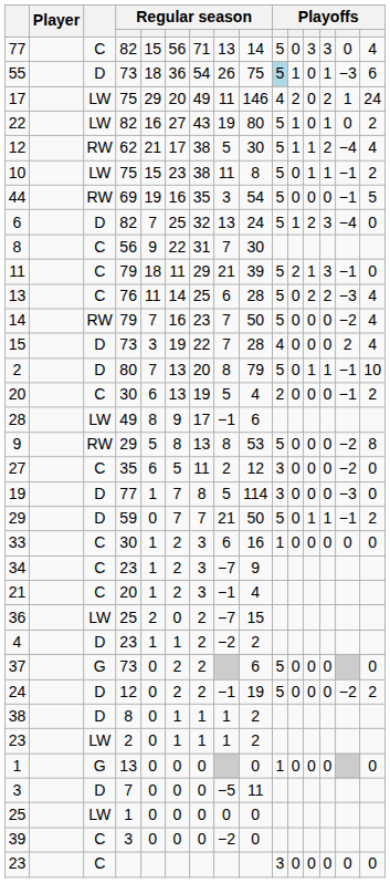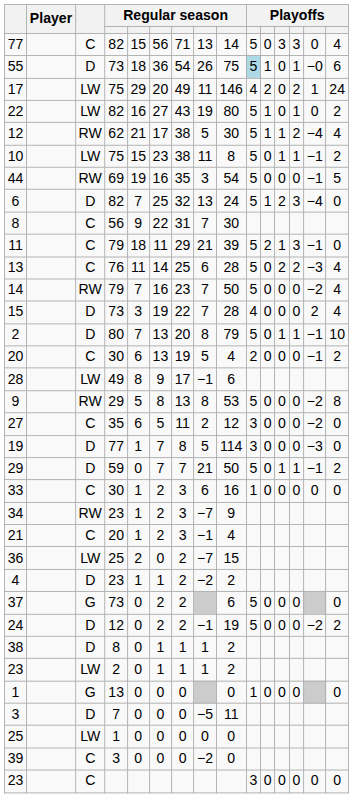 <table class="wikitable sortable plainrowheaders" style="text-align:center;">
 <tr>
 <th scope="col" data-sort-type="number" rowspan="2"></th>
 <th scope="col" rowspan="2">Player</th>
 <th scope="col" rowspan="2"></th>
 <th scope=colgroup colspan=6>Regular season</th>
 <th scope=colgroup colspan=6>Playoffs</th>
 </tr>
 <tr>
 <th scope="col" data-sort-type="number"></th>
 <th scope="col" data-sort-type="number"></th>
 <th scope="col" data-sort-type="number"></th>
 <th scope="col" data-sort-type="number"></th>
 <th scope="col" data-sort-type="number"></th>
 <th scope="col" data-sort-type="number"></th>
 <th scope="col" data-sort-type="number"></th>
 <th scope="col" data-sort-type="number"></th>
 <th scope="col" data-sort-type="number"></th>
 <th scope="col" data-sort-type="number"></th>
 <th scope="col" data-sort-type="number"></th>
 <th scope="col" data-sort-type="number"></th>
 </tr>
 <tr>
 <td scope="row">77</td>
 <td align="left"></td>
 <td>C</td>
 <td>82</td>
 <td>15</td>
 <td>56</td>
 <td>71</td>
 <td>13</td>
 <td>14</td>
 <td>5</td>
 <td>0</td>
 <td>3</td>
 <td>3</td>
 <td>0</td>
 <td>4</td>
 </tr>
 <tr>
 <td scope="row">55</td>
 <td align="left"></td>
 <td>D</td>
 <td>73</td>
 <td>18</td>
 <td>36</td>
 <td>54</td>
 <td>26</td>
 <td>75</td>
 <td style="background: lightblue;">5</td>
 <td>1</td>
 <td>0</td>
 <td>1</td>
-<td>−3</td>
+<td>−0</td>
 <td>6</td>
 </tr>
 <tr>
 <td scope="row">17</td>
 <td align="left"></td>
 <td>LW</td>
 <td>75</td>
 <td>29</td>
 <td>20</td>
 <td>49</td>
 <td>11</td>
 <td>146</td>
 <td>4</td>
 <td>2</td>
 <td>0</td>
 <td>2</td>
 <td>1</td>
 <td>24</td>
 </tr>
 <tr>
 <td scope="row">22</td>
 <td align="left"></td>
 <td>LW</td>
 <td>82</td>
 <td>16</td>
 <td>27</td>
 <td>43</td>
 <td>19</td>
 <td>80</td>
 <td>5</td>
 <td>1</td>
 <td>0</td>
 <td>1</td>
 <td>0</td>
 <td>2</td>
 </tr>
 <tr>
 <td scope="row">12</td>
 <td align="left"></td>
 <td>RW</td>
 <td>62</td>
 <td>21</td>
 <td>17</td>
 <td>38</td>
 <td>5</td>
 <td>30</td>
 <td>5</td>
 <td>1</td>
 <td>1</td>
 <td>2</td>
 <td>−4</td>
 <td>4</td>
 </tr>
 <tr>
 <td scope="row">10</td>
 <td align="left"></td>
 <td>LW</td>
 <td>75</td>
 <td>15</td>
 <td>23</td>
 <td>38</td>
 <td>11</td>
 <td>8</td>
 <td>5</td>
 <td>0</td>
 <td>1</td>
 <td>1</td>
 <td>−1</td>
 <td>2</td>
 </tr>
 <tr>
 <td scope="row">44</td>
 <td align="left"></td>
 <td>RW</td>
 <td>69</td>
 <td>19</td>
 <td>16</td>
 <td>35</td>
 <td>3</td>
 <td>54</td>
 <td>5</td>
 <td>0</td>
 <td>0</td>
 <td>0</td>
 <td>−1</td>
 <td>5</td>
 </tr>
 <tr>
 <td scope="row">6</td>
 <td align="left"></td>
 <td>D</td>
 <td>82</td>
 <td>7</td>
 <td>25</td>
 <td>32</td>
 <td>13</td>
 <td>24</td>
 <td>5</td>
 <td>1</td>
 <td>2</td>
 <td>3</td>
 <td>−4</td>
 <td>0</td>
 </tr>
 <tr>
 <td scope="row">8</td>
 <td align="left"></td>
 <td>C</td>
 <td>56</td>
 <td>9</td>
 <td>22</td>
 <td>31</td>
 <td>7</td>
 <td>30</td>
 <td></td>
 <td></td>
 <td></td>
 <td></td>
 <td></td>
 <td></td>
 </tr>
 <tr>
 <td scope="row">11</td>
 <td align="left"></td>
 <td>C</td>
 <td>79</td>
 <td>18</td>
 <td>11</td>
 <td>29</td>
 <td>21</td>
 <td>39</td>
 <td>5</td>
 <td>2</td>
 <td>1</td>
 <td>3</td>
 <td>−1</td>
 <td>0</td>
 </tr>
 <tr>
 <td scope="row">13</td>
 <td align="left"></td>
 <td>C</td>
 <td>76</td>
 <td>11</td>
 <td>14</td>
 <td>25</td>
 <td>6</td>
 <td>28</td>
 <td>5</td>
 <td>0</td>
 <td>2</td>
 <td>2</td>
 <td>−3</td>
 <td>4</td>
 </tr>
 <tr>
 <td scope="row">14</td>
 <td align="left"></td>
 <td>RW</td>
 <td>79</td>
 <td>7</td>
 <td>16</td>
 <td>23</td>
 <td>7</td>
 <td>50</td>
 <td>5</td>
 <td>0</td>
 <td>0</td>
 <td>0</td>
 <td>−2</td>
 <td>4</td>
 </tr>
 <tr>
 <td scope="row">15</td>
 <td align="left"></td>
 <td>D</td>
 <td>73</td>
 <td>3</td>
 <td>19</td>
 <td>22</td>
 <td>7</td>
 <td>28</td>
 <td>4</td>
 <td>0</td>
 <td>0</td>
 <td>0</td>
 <td>2</td>
 <td>4</td>
 </tr>
 <tr>
 <td scope="row">2</td>
 <td align="left"></td>
 <td>D</td>
 <td>80</td>
 <td>7</td>
 <td>13</td>
 <td>20</td>
 <td>8</td>
 <td>79</td>
 <td>5</td>
 <td>0</td>
 <td>1</td>
 <td>1</td>
 <td>−1</td>
 <td>10</td>
 </tr>
 <tr>
 <td scope="row">20</td>
 <td align="left"></td>
 <td>C</td>
 <td>30</td>
 <td>6</td>
 <td>13</td>
 <td>19</td>
 <td>5</td>
 <td>4</td>
 <td>2</td>
 <td>0</td>
 <td>0</td>
 <td>0</td>
 <td>−1</td>
 <td>2</td>
 </tr>
 <tr>
 <td scope="row">28</td>
 <td align="left"></td>
 <td>LW</td>
 <td>49</td>
 <td>8</td>
 <td>9</td>
 <td>17</td>
 <td>−1</td>
 <td>6</td>
 <td></td>
 <td></td>
 <td></td>
 <td></td>
 <td></td>
 <td></td>
 </tr>
 <tr>
 <td scope="row">9</td>
 <td align="left"></td>
 <td>RW</td>
 <td>29</td>
 <td>5</td>
 <td>8</td>
 <td>13</td>
 <td>8</td>
 <td>53</td>
 <td>5</td>
 <td>0</td>
 <td>0</td>
 <td>0</td>
 <td>−2</td>
 <td>8</td>
 </tr>
 <tr>
 <td scope="row">27</td>
 <td align="left"></td>
 <td>C</td>
 <td>35</td>
 <td>6</td>
 <td>5</td>
 <td>11</td>
 <td>2</td>
 <td>12</td>
 <td>3</td>
 <td>0</td>
 <td>0</td>
 <td>0</td>
 <td>−2</td>
 <td>0</td>
 </tr>
 <tr>
 <td scope="row">19</td>
 <td align="left"></td>
 <td>D</td>
 <td>77</td>
 <td>1</td>
 <td>7</td>
 <td>8</td>
 <td>5</td>
 <td>114</td>
 <td>3</td>
 <td>0</td>
 <td>0</td>
 <td>0</td>
 <td>−3</td>
 <td>0</td>
 </tr>
 <tr>
 <td scope="row">29</td>
 <td align="left"></td>
 <td>D</td>
 <td>59</td>
 <td>0</td>
 <td>7</td>
 <td>7</td>
 <td>21</td>
 <td>50</td>
 <td>5</td>
 <td>0</td>
 <td>1</td>
 <td>1</td>
 <td>−1</td>
 <td>2</td>
 </tr>
 <tr>
 <td scope="row">33</td>
 <td align="left"></td>
 <td>C</td>
 <td>30</td>
 <td>1</td>
 <td>2</td>
 <td>3</td>
 <td>6</td>
 <td>16</td>
 <td>1</td>
 <td>0</td>
 <td>0</td>
 <td>0</td>
 <td>0</td>
 <td>0</td>
 </tr>
 <tr>
 <td scope="row">34</td>
 <td align="left"></td>
-<td>C</td>
+<td>RW</td>
 <td>23</td>
 <td>1</td>
 <td>2</td>
 <td>3</td>
 <td>−7</td>
 <td>9</td>
 <td></td>
 <td></td>
 <td></td>
 <td></td>
 <td></td>
 <td></td>
 </tr>
 <tr>
 <td scope="row">21</td>
 <td align="left"></td>
 <td>C</td>
 <td>20</td>
 <td>1</td>
 <td>2</td>
 <td>3</td>
 <td>−1</td>
 <td>4</td>
 <td></td>
 <td></td>
 <td></td>
 <td></td>
 <td></td>
 <td></td>
 </tr>
 <tr>
 <td scope="row">36</td>
 <td align="left"></td>
 <td>LW</td>
 <td>25</td>
 <td>2</td>
 <td>0</td>
 <td>2</td>
 <td>−7</td>
 <td>15</td>
 <td></td>
 <td></td>
 <td></td>
 <td></td>
 <td></td>
 <td></td>
 </tr>
 <tr>
 <td scope="row">4</td>
 <td align="left"></td>
 <td>D</td>
 <td>23</td>
 <td>1</td>
 <td>1</td>
 <td>2</td>
 <td>−2</td>
 <td>2</td>
 <td></td>
 <td></td>
 <td></td>
 <td></td>
 <td></td>
 <td></td>
 </tr>
 <tr>
 <td scope="row">37</td>
 <td align="left"></td>
 <td>G</td>
 <td>73</td>
 <td>0</td>
 <td>2</td>
 <td>2</td>
 <td style="background:#ccc"></td>
 <td>6</td>
 <td>5</td>
 <td>0</td>
 <td>0</td>
 <td>0</td>
 <td style="background:#ccc"></td>
 <td>0</td>
 </tr>
 <tr>
 <td scope="row">24</td>
 <td align="left"></td>
 <td>D</td>
 <td>12</td>
 <td>0</td>
 <td>2</td>
 <td>2</td>
 <td>−1</td>
 <td>19</td>
 <td>5</td>
 <td>0</td>
 <td>0</td>
 <td>0</td>
 <td>−2</td>
 <td>2</td>
 </tr>
 <tr>
 <td scope="row">38</td>
 <td align="left"></td>
 <td>D</td>
 <td>8</td>
 <td>0</td>
 <td>1</td>
 <td>1</td>
 <td>1</td>
 <td>2</td>
 <td></td>
 <td></td>
 <td></td>
 <td></td>
 <td></td>
 <td></td>
 </tr>
 <tr>
 <td scope="row">23</td>
 <td align="left"></td>
 <td>LW</td>
 <td>2</td>
 <td>0</td>
 <td>1</td>
 <td>1</td>
 <td>1</td>
 <td>2</td>
 <td></td>
 <td></td>
 <td></td>
 <td></td>
 <td></td>
 <td></td>
 </tr>
 <tr>
 <td scope="row">1</td>
 <td align="left"></td>
 <td>G</td>
 <td>13</td>
 <td>0</td>
 <td>0</td>
 <td>0</td>
 <td style="background:#ccc"></td>
 <td>0</td>
 <td>1</td>
 <td>0</td>
 <td>0</td>
 <td>0</td>
 <td style="background:#ccc"></td>
 <td>0</td>
 </tr>
 <tr>
 <td scope="row">3</td>
 <td align="left"></td>
 <td>D</td>
 <td>7</td>
 <td>0</td>
 <td>0</td>
 <td>0</td>
 <td>−5</td>
 <td>11</td>
 <td></td>
 <td></td>
 <td></td>
 <td></td>
 <td></td>
 <td></td>
 </tr>
 <tr>
 <td scope="row">25</td>
 <td align="left"></td>
 <td>LW</td>
 <td>1</td>
 <td>0</td>
 <td>0</td>
 <td>0</td>
 <td>0</td>
 <td>0</td>
 <td></td>
 <td></td>
 <td></td>
 <td></td>
 <td></td>
 <td></td>
 </tr>
 <tr>
 <td scope="row">39</td>
 <td align="left"></td>
 <td>C</td>
 <td>3</td>
 <td>0</td>
 <td>0</td>
 <td>0</td>
 <td>−2</td>
 <td>0</td>
 <td></td>
 <td></td>
 <td></td>
 <td></td>
 <td></td>
 <td></td>
 </tr>
 <tr>
 <td scope="row">23</td>
 <td align="left"></td>
 <td>C</td>
 <td></td>
 <td></td>
 <td></td>
 <td></td>
 <td></td>
 <td></td>
 <td>3</td>
 <td>0</td>
 <td>0</td>
 <td>0</td>
 <td>0</td>
 <td>0</td>
 </tr>
 </table>
